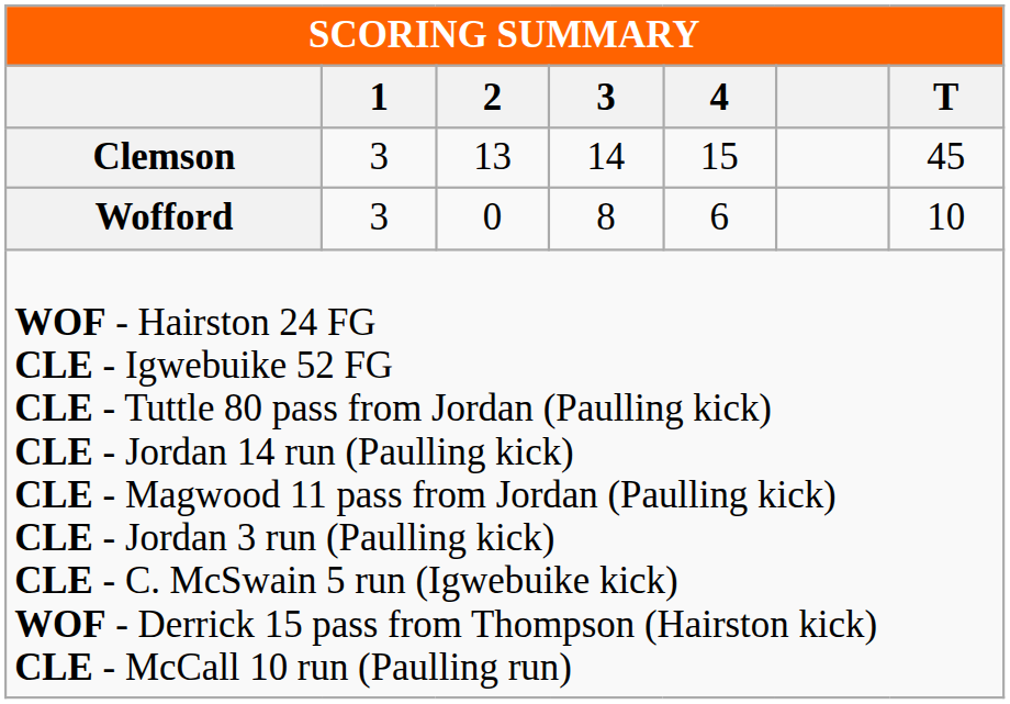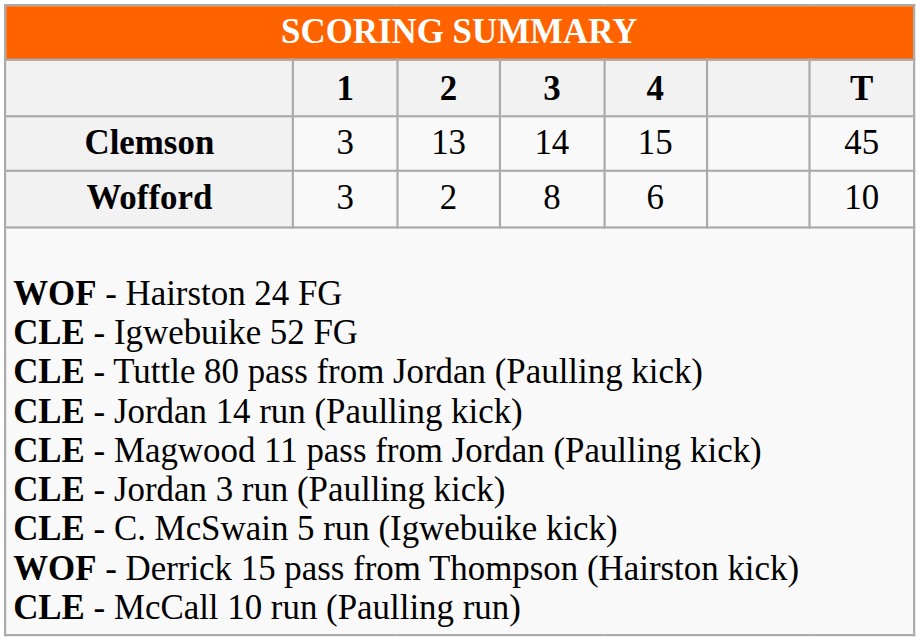 <table class="wikitable" style="text-align:center">
 <tr style="background:#FF6300; color:white">
 <td colspan="7" align="center"><strong>SCORING SUMMARY</strong></td>
 </tr>
 <tr>
 <th width="125"> </th>
 <th width="40">1</th>
 <th width="40">2</th>
 <th width="40">3</th>
 <th width="40">4</th>
 <th width="40"> </th>
 <th width="40">T</th>
 </tr>
 <tr>
 <th>Clemson</th>
 <td>3</td>
 <td>13</td>
 <td>14</td>
 <td>15</td>
 <td></td>
 <td>45</td>
 </tr>
 <tr>
 <th>Wofford</th>
 <td>3</td>
-<td>0</td>
+<td>2</td>
 <td>8</td>
 <td>6</td>
 <td></td>
 <td>10</td>
 </tr>
 <tr>
 <td colspan="7" align="left"><br><strong>WOF</strong> - Hairston 24 FG<br> <strong>CLE</strong> - Igwebuike 52 FG<br> <strong>CLE</strong> - Tuttle 80 pass from Jordan (Paulling kick)<br> <strong>CLE</strong> - Jordan 14 run (Paulling kick)<br> <strong>CLE</strong> - Magwood 11 pass from Jordan (Paulling kick)<br> <strong>CLE</strong> - Jordan 3 run (Paulling kick)<br> <strong>CLE</strong> - C. McSwain 5 run (Igwebuike kick)<br> <strong>WOF</strong> - Derrick 15 pass from Thompson (Hairston kick)<br> <strong>CLE</strong> - McCall 10 run (Paulling run)</td>
 </tr>
 </table>
